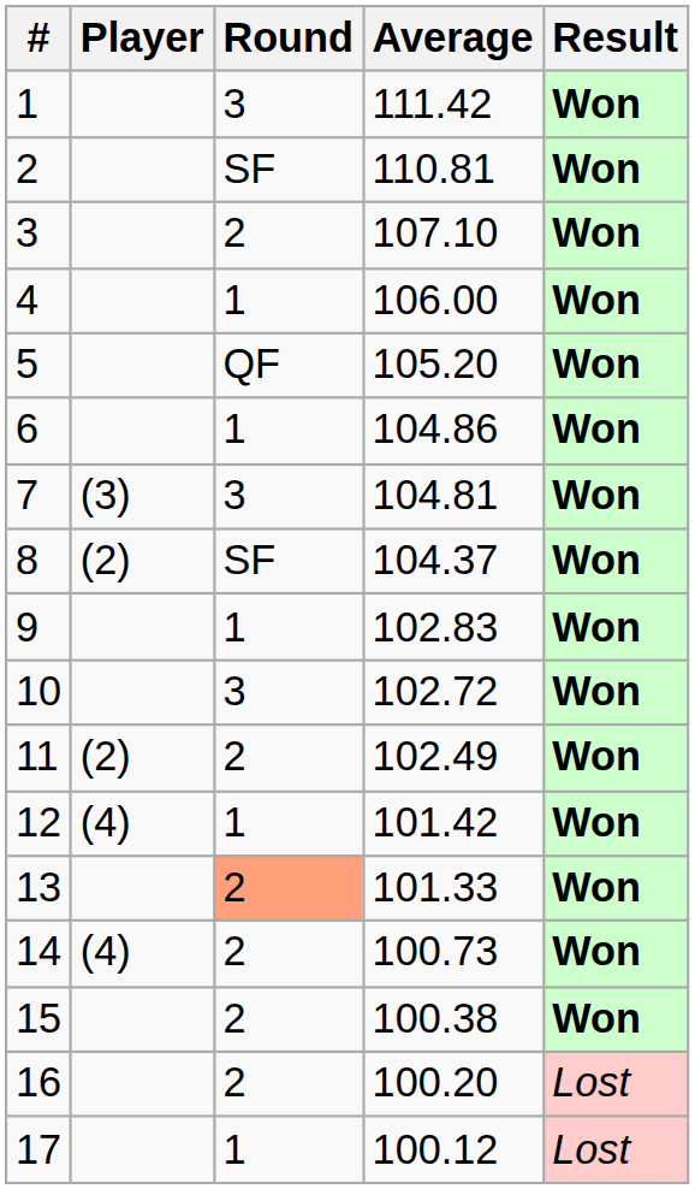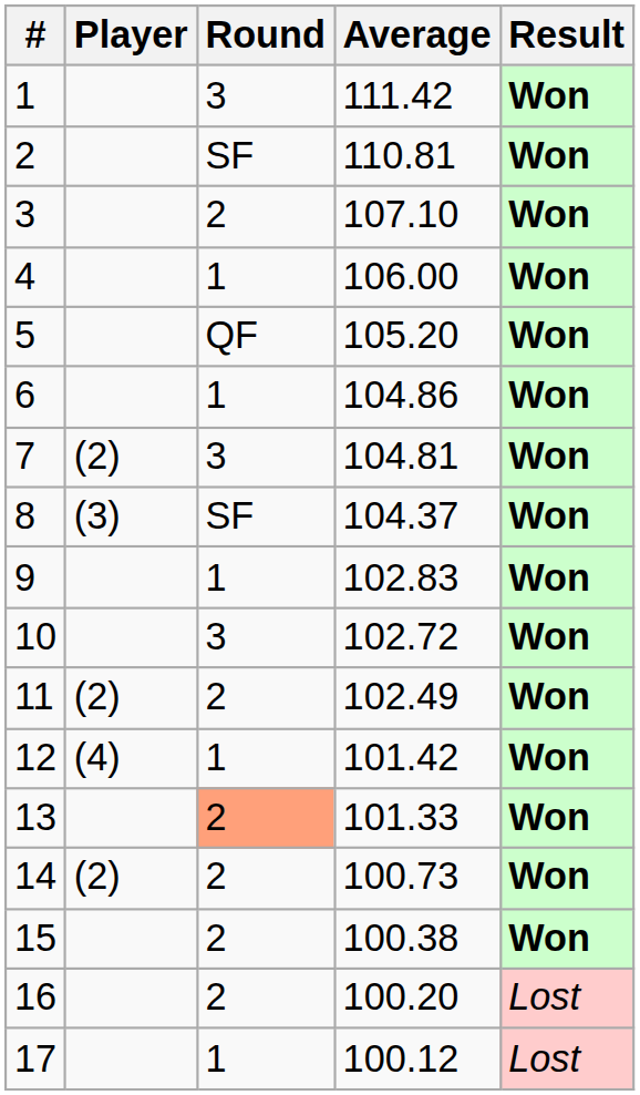 <table class ="wikitable sortable">
 <tr>
 <th>#</th>
 <th>Player</th>
 <th>Round</th>
 <th>Average</th>
 <th>Result</th>
 </tr>
 <tr>
 <td>1</td>
 <td></td>
 <td>3</td>
 <td>111.42</td>
 <td style="background:#CCFFCC;"><strong>Won</strong></td>
 </tr>
 <tr>
 <td>2</td>
 <td></td>
 <td>SF</td>
 <td>110.81</td>
 <td style="background:#CCFFCC;"><strong>Won</strong></td>
 </tr>
 <tr>
 <td>3</td>
 <td></td>
 <td>2</td>
 <td>107.10</td>
 <td style="background:#CCFFCC;"><strong>Won</strong></td>
 </tr>
 <tr>
 <td>4</td>
 <td></td>
 <td>1</td>
 <td>106.00</td>
 <td style="background:#CCFFCC;"><strong>Won</strong></td>
 </tr>
 <tr>
 <td>5</td>
 <td></td>
 <td>QF</td>
 <td>105.20</td>
 <td style="background:#CCFFCC;"><strong>Won</strong></td>
 </tr>
 <tr>
 <td>6</td>
 <td></td>
 <td>1</td>
 <td>104.86</td>
 <td style="background:#CCFFCC;"><strong>Won</strong></td>
 </tr>
 <tr>
 <td>7</td>
-<td> (3)</td>
+<td> (2)</td>
 <td>3</td>
 <td>104.81</td>
 <td style="background:#CCFFCC;"><strong>Won</strong></td>
 </tr>
 <tr>
 <td>8</td>
-<td> (2)</td>
+<td> (3)</td>
 <td>SF</td>
 <td>104.37</td>
 <td style="background:#CCFFCC;"><strong>Won</strong></td>
 </tr>
 <tr>
 <td>9</td>
 <td></td>
 <td>1</td>
 <td>102.83</td>
 <td style="background:#CCFFCC;"><strong>Won</strong></td>
 </tr>
 <tr>
 <td>10</td>
 <td></td>
 <td>3</td>
 <td>102.72</td>
 <td style="background:#CCFFCC;"><strong>Won</strong></td>
 </tr>
 <tr>
 <td>11</td>
 <td> (2)</td>
 <td>2</td>
 <td>102.49</td>
 <td style="background:#CCFFCC;"><strong>Won</strong></td>
 </tr>
 <tr>
 <td>12</td>
 <td> (4)</td>
 <td>1</td>
 <td>101.42</td>
 <td style="background:#CCFFCC;"><strong>Won</strong></td>
 </tr>
 <tr>
 <td>13</td>
 <td></td>
 <td style="background: lightsalmon;">2</td>
 <td>101.33</td>
 <td style="background:#CCFFCC;"><strong>Won</strong></td>
 </tr>
 <tr>
 <td>14</td>
-<td> (4)</td>
+<td> (2)</td>
 <td>2</td>
 <td>100.73</td>
 <td style="background:#CCFFCC;"><strong>Won</strong></td>
 </tr>
 <tr>
 <td>15</td>
 <td></td>
 <td>2</td>
 <td>100.38</td>
 <td style="background:#CCFFCC;"><strong>Won</strong></td>
 </tr>
 <tr>
 <td>16</td>
 <td></td>
 <td>2</td>
 <td>100.20</td>
 <td style="background:#FFccCC;"><em>Lost</em></td>
 </tr>
 <tr>
 <td>17</td>
 <td></td>
 <td>1</td>
 <td>100.12</td>
 <td style="background:#FFccCC;"><em>Lost</em></td>
 </tr>
 </table>
